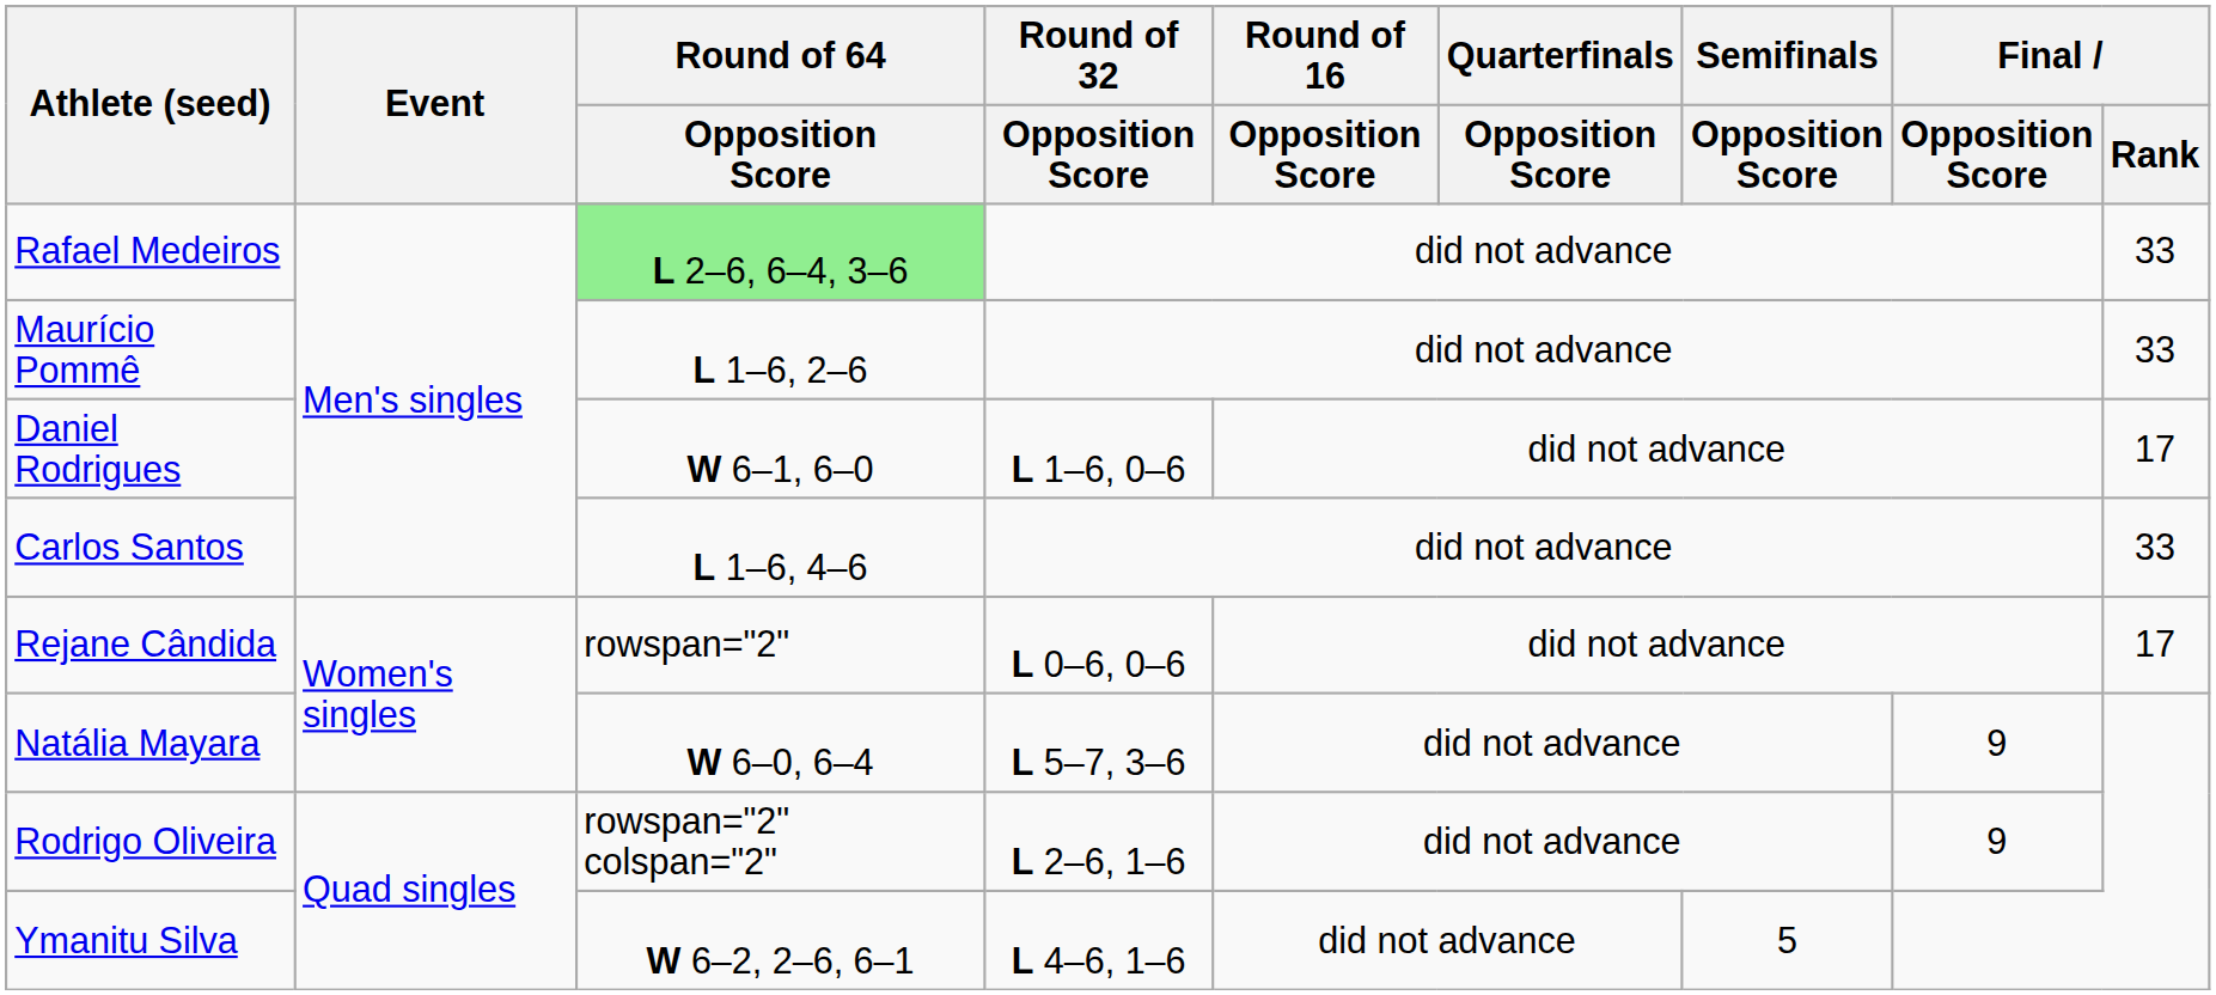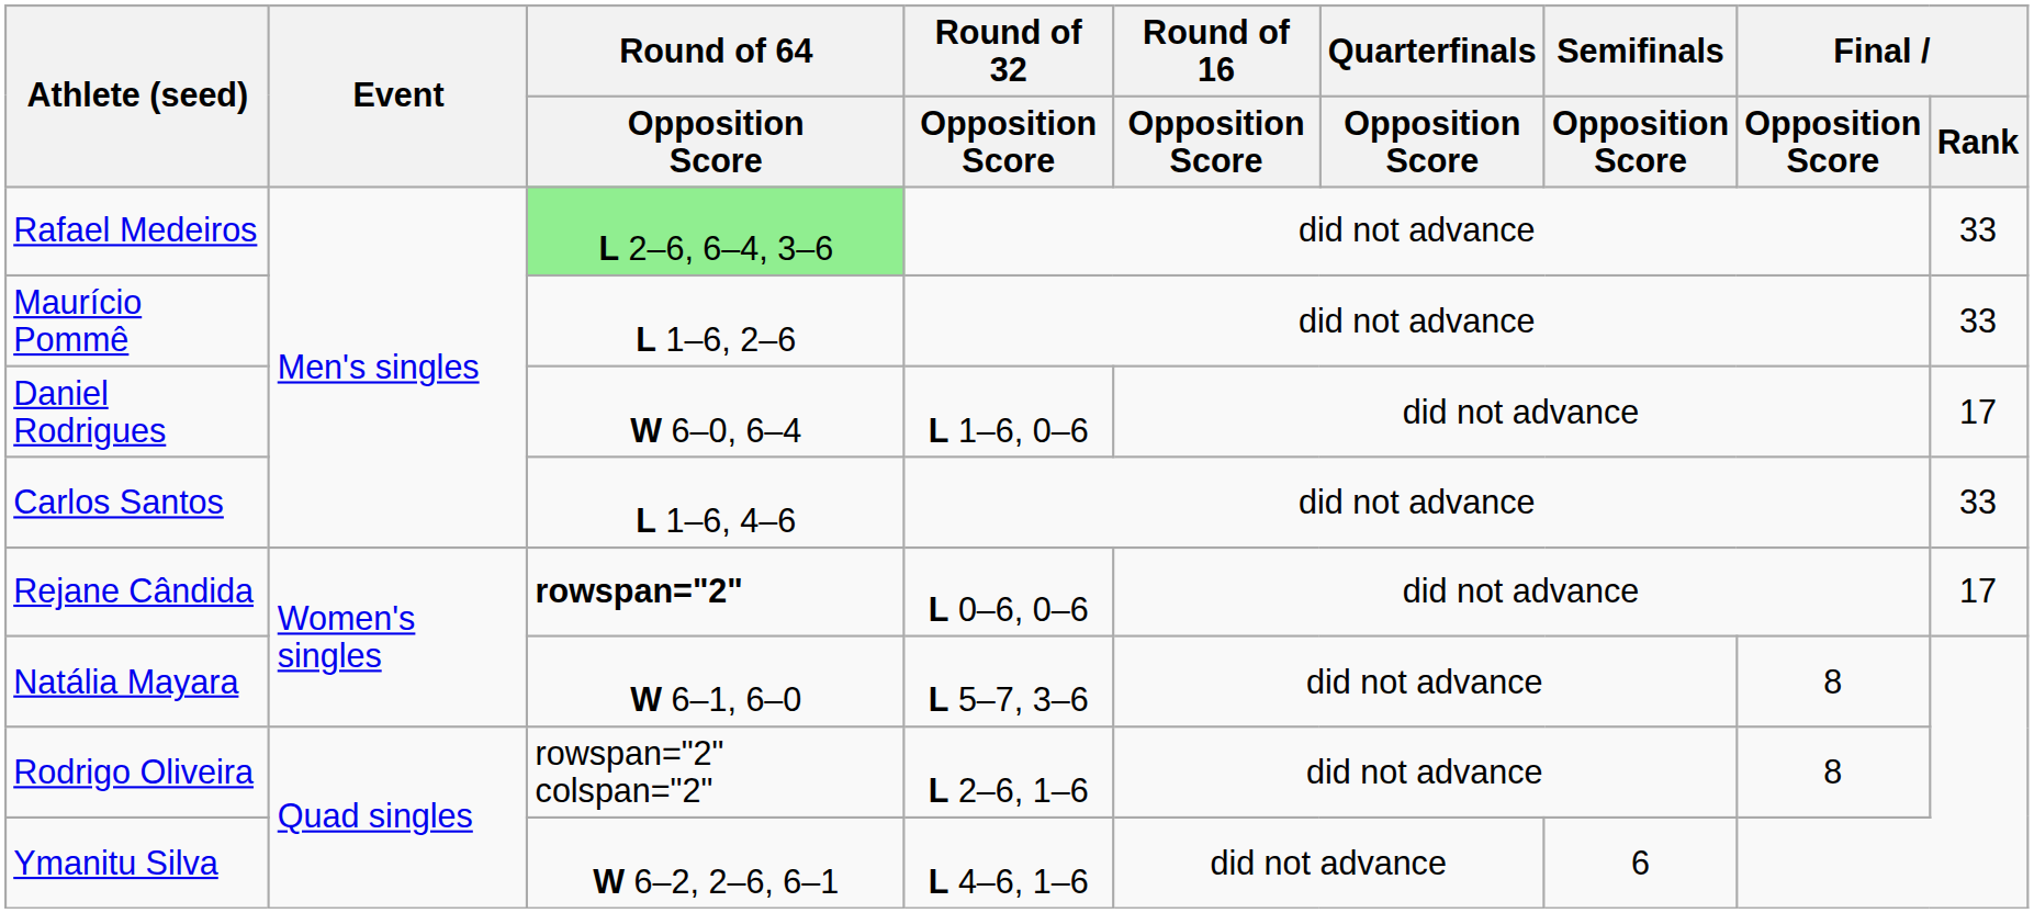 <table class=wikitable style="font-size:90%">
 <tr>
 <th rowspan="2">Athlete (seed)</th>
 <th rowspan="2">Event</th>
 <th>Round of 64</th>
 <th>Round of 32</th>
 <th>Round of 16</th>
 <th>Quarterfinals</th>
 <th>Semifinals</th>
 <th colspan="2">Final / </th>
 </tr>
 <tr>
 <th>Opposition<br>Score</th>
 <th>Opposition<br>Score</th>
 <th>Opposition<br>Score</th>
 <th>Opposition<br>Score</th>
 <th>Opposition<br>Score</th>
 <th>Opposition<br>Score</th>
 <th>Rank</th>
 </tr>
 <tr>
 <td><a href='#'>Rafael Medeiros</a></td>
 <td rowspan="4"><a href='#'>Men's singles</a></td>
 <td align="center" style="background: lightgreen;"><br> <strong>L</strong> 2–6, 6–4, 3–6</td>
 <td align="center" colspan=5>did not advance</td>
 <td align="center">33</td>
 </tr>
 <tr>
 <td><a href='#'>Maurício Pommê</a></td>
 <td align="center"><br> <strong>L</strong> 1–6, 2–6</td>
 <td align="center" colspan=5>did not advance</td>
 <td align="center">33</td>
 </tr>
 <tr>
 <td><a href='#'>Daniel Rodrigues</a></td>
-<td align="center"><br> <strong>W</strong> 6–1, 6–0</td>
+<td align="center"><br> <strong>W</strong> 6–0, 6–4</td>
 <td align="center"><br> <strong>L</strong> 1–6, 0–6</td>
 <td align="center" colspan=4>did not advance</td>
 <td align="center">17</td>
 </tr>
 <tr>
 <td><a href='#'>Carlos Santos</a></td>
 <td align="center"><br> <strong>L</strong> 1–6, 4–6</td>
 <td align="center" colspan=5>did not advance</td>
 <td align="center">33</td>
 </tr>
 <tr>
 <td><a href='#'>Rejane Cândida</a></td>
 <td rowspan="2"><a href='#'>Women's singles</a></td>
-<td>rowspan="2" </td>
+<td><strong>rowspan="2" </strong></td>
 <td align="center"><br> <strong>L</strong> 0–6, 0–6</td>
 <td align="center" colspan=4>did not advance</td>
 <td align="center">17</td>
 </tr>
 <tr>
 <td><a href='#'>Natália Mayara</a></td>
-<td align="center"><br> <strong>W</strong> 6–0, 6–4</td>
+<td align="center"><br> <strong>W</strong> 6–1, 6–0</td>
 <td align="center"><br> <strong>L</strong> 5–7, 3–6</td>
 <td align="center" colspan=3>did not advance</td>
-<td align="center">9</td>
+<td align="center">8</td>
 </tr>
 <tr>
 <td><a href='#'>Rodrigo Oliveira</a></td>
 <td rowspan="2"><a href='#'>Quad singles</a></td>
 <td>rowspan="2" colspan="2" </td>
 <td align="center"><br> <strong>L</strong> 2–6, 1–6</td>
 <td align="center" colspan=3>did not advance</td>
-<td align="center">9</td>
+<td align="center">8</td>
 </tr>
 <tr>
 <td><a href='#'>Ymanitu Silva</a></td>
 <td align="center"><br> <strong>W</strong> 6–2, 2–6, 6–1</td>
 <td align="center"><br> <strong>L</strong> 4–6, 1–6</td>
 <td align="center" colspan=2>did not advance</td>
-<td align="center">5</td>
+<td align="center">6</td>
 </tr>
 </table>
